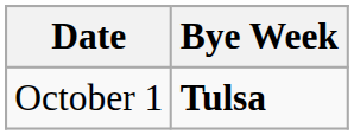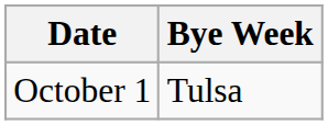 <table class="wikitable" style="font-size:95%;">
 <tr>
 <th>Date</th>
 <th colspan="2">Bye Week</th>
 </tr>
 <tr>
 <td>October 1</td>
-<td><strong>Tulsa</strong></td>
+<td>Tulsa</td>
 </tr>
 </table>
